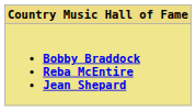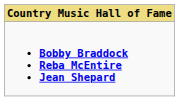 <table class="wikitable">
 <tr>
 <th style="background:#EEDD82; width=50%">Country Music Hall of Fame</th>
 </tr>
 <tr>
-<td valign="top" style="background: khaki;"><br><ul><li><strong><a href='#'>Bobby Braddock</a></strong></li><li><strong><a href='#'>Reba McEntire</a></strong></li><li><strong><a href='#'>Jean Shepard</a></strong></li></ul></td>
+<td valign="top"><br><ul><li><strong><a href='#'>Bobby Braddock</a></strong></li><li><strong><a href='#'>Reba McEntire</a></strong></li><li><strong><a href='#'>Jean Shepard</a></strong></li></ul></td>
 </tr>
 </table>
